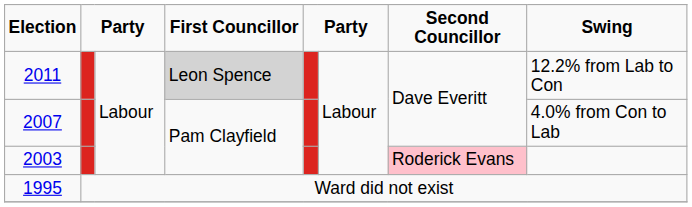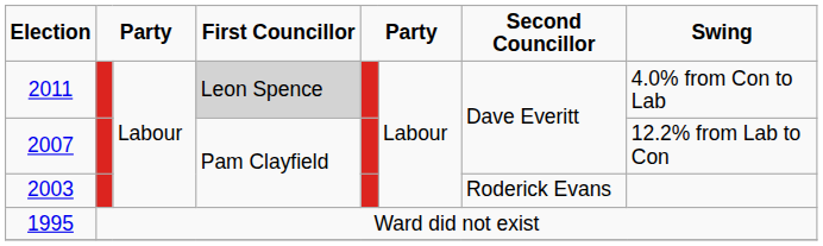 <table class="wikitable" border="1">
 <tr>
 <td width=50 align="center"><strong>Election</strong></td>
 <td width=70 align="center" colspan="2"><strong>Party</strong></td>
 <td width=120 align="center"><strong>First Councillor</strong></td>
 <td width=70 align="center" colspan="2"><strong>Party</strong></td>
 <td width=120 align="center"><strong>Second Councillor</strong></td>
 <td width=140 align="center"><strong>Swing</strong></td>
 </tr>
 <tr>
 <td align="center"><a href='#'>2011</a></td>
 <td bgcolor="#DC241f"> </td>
 <td rowspan="3">Labour</td>
 <td style="background: lightgrey;">Leon Spence</td>
 <td bgcolor="#DC241f"> </td>
 <td rowspan="3">Labour</td>
 <td rowspan="2">Dave Everitt</td>
-<td>12.2% from Lab to Con</td>
+<td>4.0% from Con to Lab</td>
 </tr>
 <tr>
 <td align="center"><a href='#'>2007</a></td>
 <td bgcolor="#DC241f"> </td>
 <td rowspan="2">Pam Clayfield</td>
 <td bgcolor="#DC241f"> </td>
-<td>4.0% from Con to Lab</td>
+<td>12.2% from Lab to Con</td>
 </tr>
 <tr>
 <td align="center"><a href='#'>2003</a></td>
 <td bgcolor="#DC241f"> </td>
 <td bgcolor="#DC241f"> </td>
-<td style="background: pink;">Roderick Evans</td>
+<td>Roderick Evans</td>
 <td></td>
 </tr>
 <tr>
 <td align="center"><a href='#'>1995</a></td>
 <td align="center" colspan="7">Ward did not exist</td>
 </tr>
 <tr>
 </tr>
 </table>
